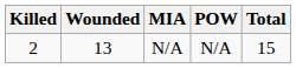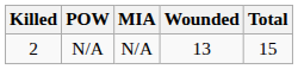 <table class="wikitable" style="text-align:center">
 <tr>
 <th>Killed</th>
+<th>POW</th>
+<th>MIA</th>
 <th>Wounded</th>
-<th>MIA</th>
-<th>POW</th>
 <th>Total</th>
 </tr>
 <tr>
 <td>2</td>
-<td>13</td>
 <td>N/A</td>
 <td>N/A</td>
+<td>13</td>
 <td>15</td>
 </tr>
 </table>
